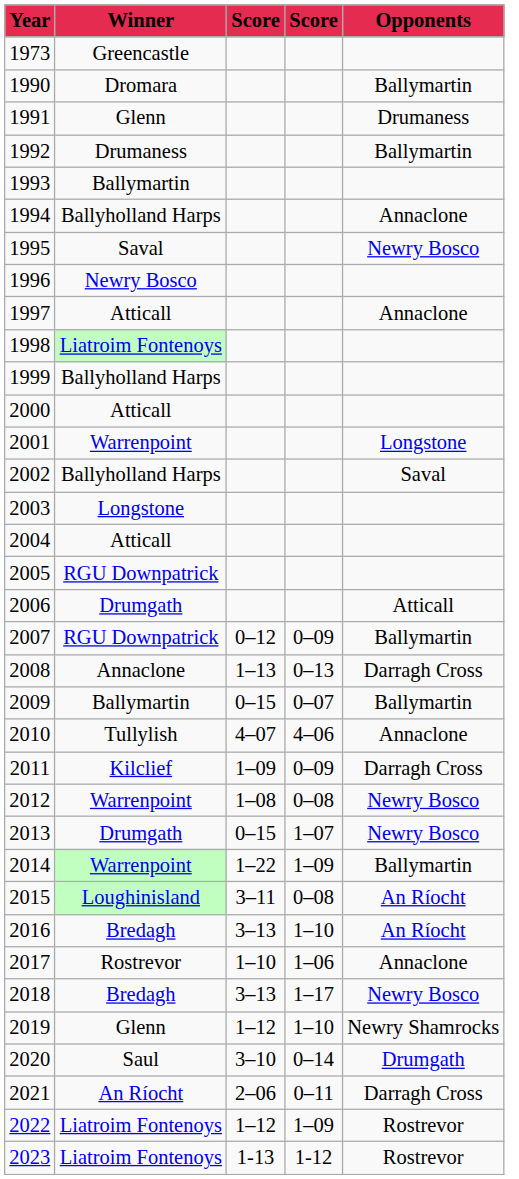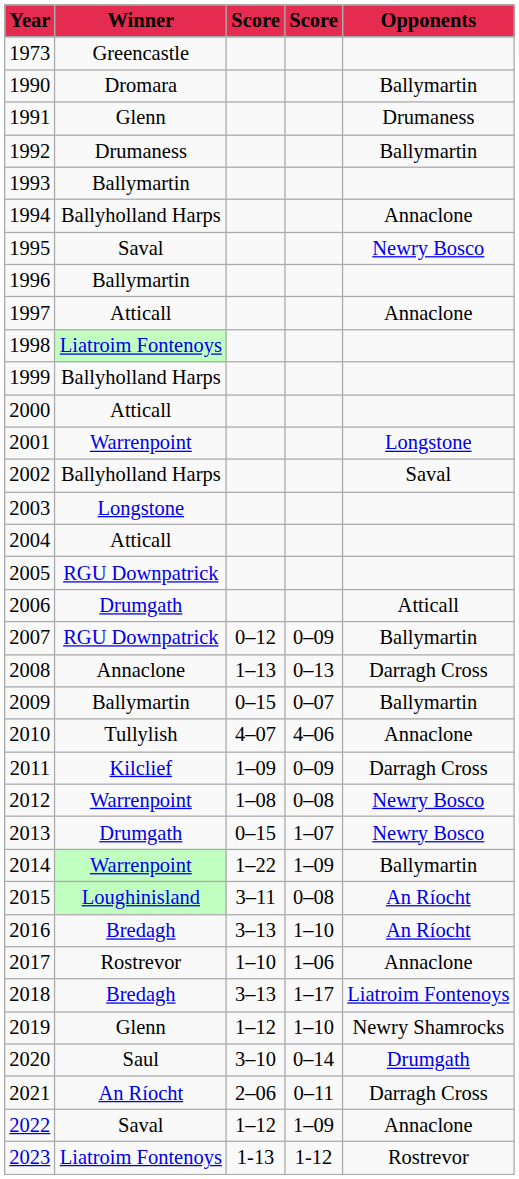 <table class="wikitable" style="text-align:center;">
 <tr>
 <th style="background:#E52B50;color:black;">Year</th>
 <th style="background:#E52B50;color:black;">Winner</th>
 <th style="background:#E52B50;color:black;">Score</th>
 <th style="background:#E52B50;color:black;">Score</th>
 <th style="background:#E52B50;color:black;">Opponents</th>
 </tr>
 <tr>
 <td>1973</td>
 <td>Greencastle</td>
 <td></td>
 <td></td>
 <td></td>
 </tr>
 <tr>
 <td>1990</td>
 <td> Dromara</td>
 <td></td>
 <td></td>
 <td> Ballymartin</td>
 </tr>
 <tr>
 <td>1991</td>
 <td> Glenn</td>
 <td></td>
 <td></td>
 <td> Drumaness</td>
 </tr>
 <tr>
 <td>1992</td>
 <td> Drumaness</td>
 <td></td>
 <td></td>
 <td> Ballymartin</td>
 </tr>
 <tr>
 <td>1993</td>
 <td> Ballymartin</td>
 <td></td>
 <td></td>
 <td></td>
 </tr>
 <tr>
 <td>1994</td>
 <td> Ballyholland Harps</td>
 <td></td>
 <td></td>
 <td> Annaclone</td>
 </tr>
 <tr>
 <td>1995</td>
 <td> Saval</td>
 <td></td>
 <td></td>
 <td><a href='#'>Newry Bosco</a></td>
 </tr>
 <tr>
 <td>1996</td>
-<td> <a href='#'>Newry Bosco</a></td>
+<td> Ballymartin</td>
 <td></td>
 <td></td>
 <td></td>
 </tr>
 <tr>
 <td>1997</td>
 <td> Atticall</td>
 <td></td>
 <td></td>
 <td> Annaclone</td>
 </tr>
 <tr>
 <td>1998</td>
 <td style="background-color:#C0FFC0"> <a href='#'>Liatroim Fontenoys</a></td>
 <td></td>
 <td></td>
 <td></td>
 </tr>
 <tr>
 <td>1999</td>
 <td> Ballyholland Harps</td>
 <td></td>
 <td></td>
 <td></td>
 </tr>
 <tr>
 <td>2000</td>
 <td> Atticall</td>
 <td></td>
 <td></td>
 <td></td>
 </tr>
 <tr>
 <td>2001</td>
 <td> <a href='#'>Warrenpoint</a></td>
 <td></td>
 <td></td>
 <td> <a href='#'>Longstone</a></td>
 </tr>
 <tr>
 <td>2002</td>
 <td> Ballyholland Harps</td>
 <td></td>
 <td></td>
 <td> Saval</td>
 </tr>
 <tr>
 <td>2003</td>
 <td> <a href='#'>Longstone</a></td>
 <td></td>
 <td></td>
 <td></td>
 </tr>
 <tr>
 <td>2004</td>
 <td> Atticall</td>
 <td></td>
 <td></td>
 <td></td>
 </tr>
 <tr>
 <td>2005</td>
 <td> <a href='#'>RGU Downpatrick</a></td>
 <td></td>
 <td></td>
 <td></td>
 </tr>
 <tr>
 <td>2006</td>
 <td> <a href='#'>Drumgath</a></td>
 <td></td>
 <td></td>
 <td> Atticall</td>
 </tr>
 <tr>
 <td>2007</td>
 <td> <a href='#'>RGU Downpatrick</a></td>
 <td>0–12</td>
 <td>0–09</td>
 <td> Ballymartin</td>
 </tr>
 <tr>
 <td>2008</td>
 <td> Annaclone</td>
 <td>1–13</td>
 <td>0–13</td>
 <td> Darragh Cross</td>
 </tr>
 <tr>
 <td>2009</td>
 <td> Ballymartin</td>
 <td>0–15</td>
 <td>0–07</td>
 <td> Ballymartin</td>
 </tr>
 <tr>
 <td>2010</td>
 <td> Tullylish</td>
 <td>4–07</td>
 <td>4–06</td>
 <td> Annaclone</td>
 </tr>
 <tr>
 <td>2011</td>
 <td> <a href='#'>Kilclief</a></td>
 <td>1–09</td>
 <td>0–09</td>
 <td> Darragh Cross</td>
 </tr>
 <tr>
 <td>2012</td>
 <td> <a href='#'>Warrenpoint</a></td>
 <td>1–08</td>
 <td>0–08</td>
 <td> <a href='#'>Newry Bosco</a></td>
 </tr>
 <tr>
 <td>2013</td>
 <td> <a href='#'>Drumgath</a></td>
 <td>0–15</td>
 <td>1–07</td>
 <td> <a href='#'>Newry Bosco</a></td>
 </tr>
 <tr>
 <td>2014</td>
 <td style="background-color:#C0FFC0"> <a href='#'>Warrenpoint</a></td>
 <td>1–22</td>
 <td>1–09</td>
 <td> Ballymartin</td>
 </tr>
 <tr>
 <td>2015</td>
 <td style="background-color:#C0FFC0"> <a href='#'>Loughinisland</a></td>
 <td>3–11</td>
 <td>0–08</td>
 <td> <a href='#'>An Ríocht</a></td>
 </tr>
 <tr>
 <td>2016</td>
 <td> <a href='#'>Bredagh</a></td>
 <td>3–13</td>
 <td>1–10</td>
 <td> <a href='#'>An Ríocht</a></td>
 </tr>
 <tr>
 <td>2017</td>
 <td> Rostrevor</td>
 <td>1–10</td>
 <td>1–06</td>
 <td> Annaclone</td>
 </tr>
 <tr>
 <td>2018</td>
 <td> <a href='#'>Bredagh</a></td>
 <td>3–13</td>
 <td>1–17</td>
-<td> <a href='#'>Newry Bosco</a></td>
+<td> <a href='#'>Liatroim Fontenoys</a></td>
 </tr>
 <tr>
 <td>2019</td>
 <td> Glenn</td>
 <td>1–12</td>
 <td>1–10</td>
 <td> Newry Shamrocks</td>
 </tr>
 <tr>
 <td>2020</td>
 <td> Saul</td>
 <td>3–10</td>
 <td>0–14</td>
 <td> <a href='#'>Drumgath</a></td>
 </tr>
 <tr>
 <td>2021</td>
 <td> <a href='#'>An Ríocht</a></td>
 <td>2–06</td>
 <td>0–11</td>
 <td> Darragh Cross</td>
 </tr>
 <tr>
 <td><a href='#'>2022</a></td>
-<td> <a href='#'>Liatroim Fontenoys</a></td>
+<td> Saval</td>
 <td>1–12</td>
 <td>1–09</td>
-<td> Rostrevor</td>
+<td> Annaclone</td>
 </tr>
 <tr>
 <td><a href='#'> 2023</a></td>
 <td> <a href='#'>Liatroim Fontenoys</a></td>
 <td>1-13</td>
 <td>1-12</td>
 <td> Rostrevor</td>
 </tr>
 </table>
